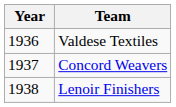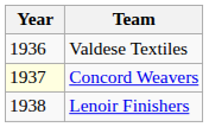 <table class="wikitable">
 <tr>
 <th width="45" style="center">Year</th>
 <th>Team</th>
 </tr>
 <tr>
 <td>1936</td>
 <td>Valdese Textiles</td>
 </tr>
 <tr>
-<td>1937</td>
+<td style="background: lightyellow;">1937</td>
 <td><a href='#'>Concord Weavers</a></td>
 </tr>
 <tr>
 <td>1938</td>
 <td><a href='#'>Lenoir Finishers</a></td>
 </tr>
 </table>
